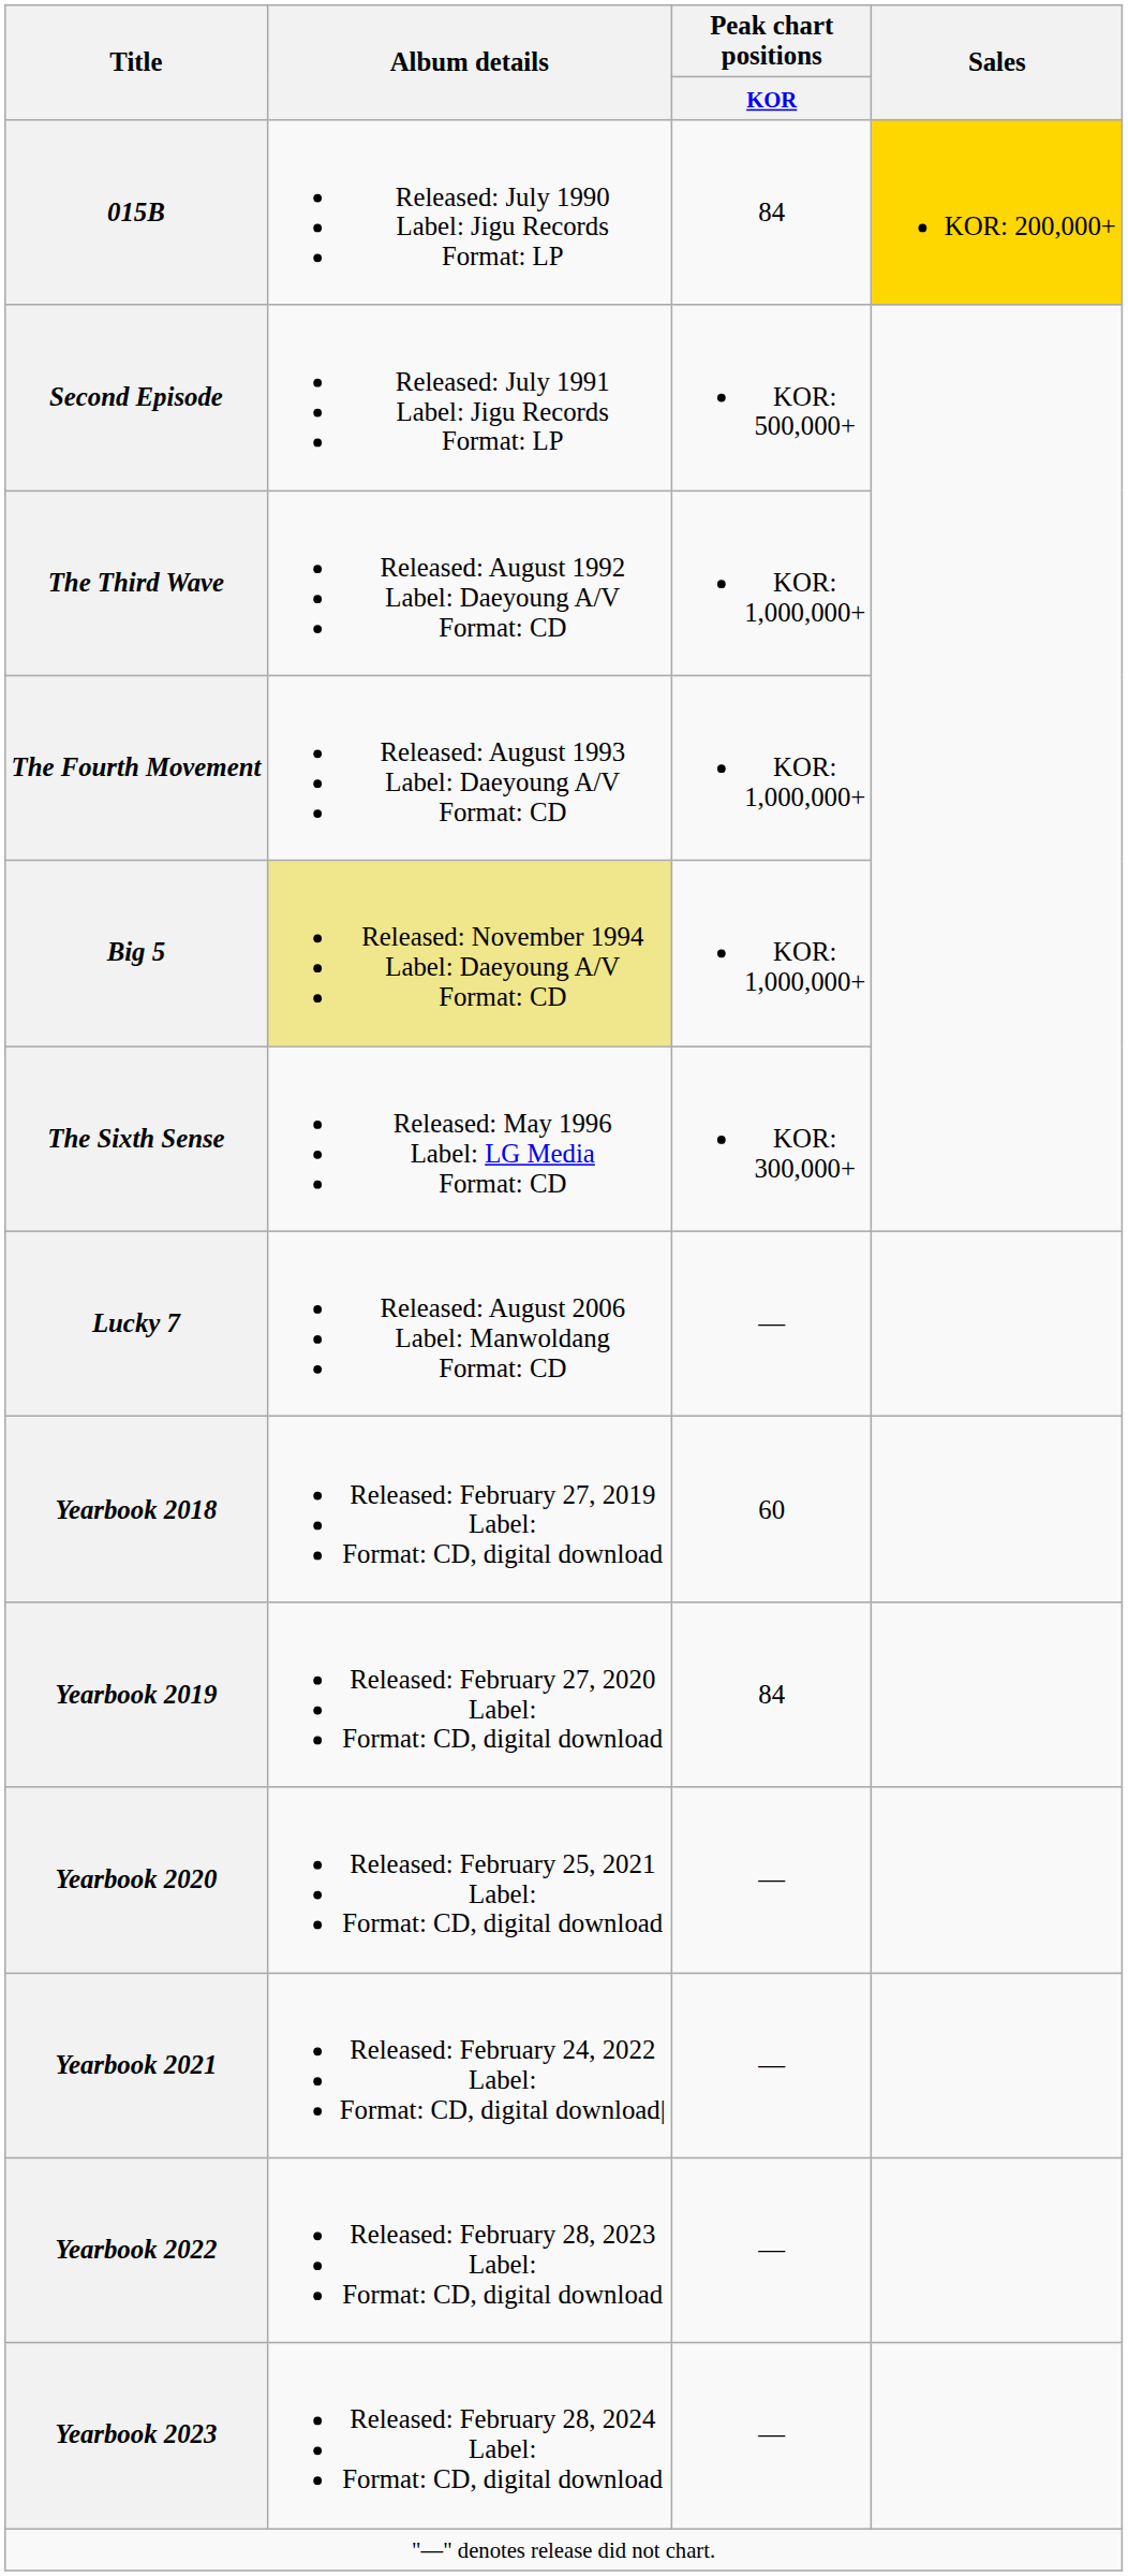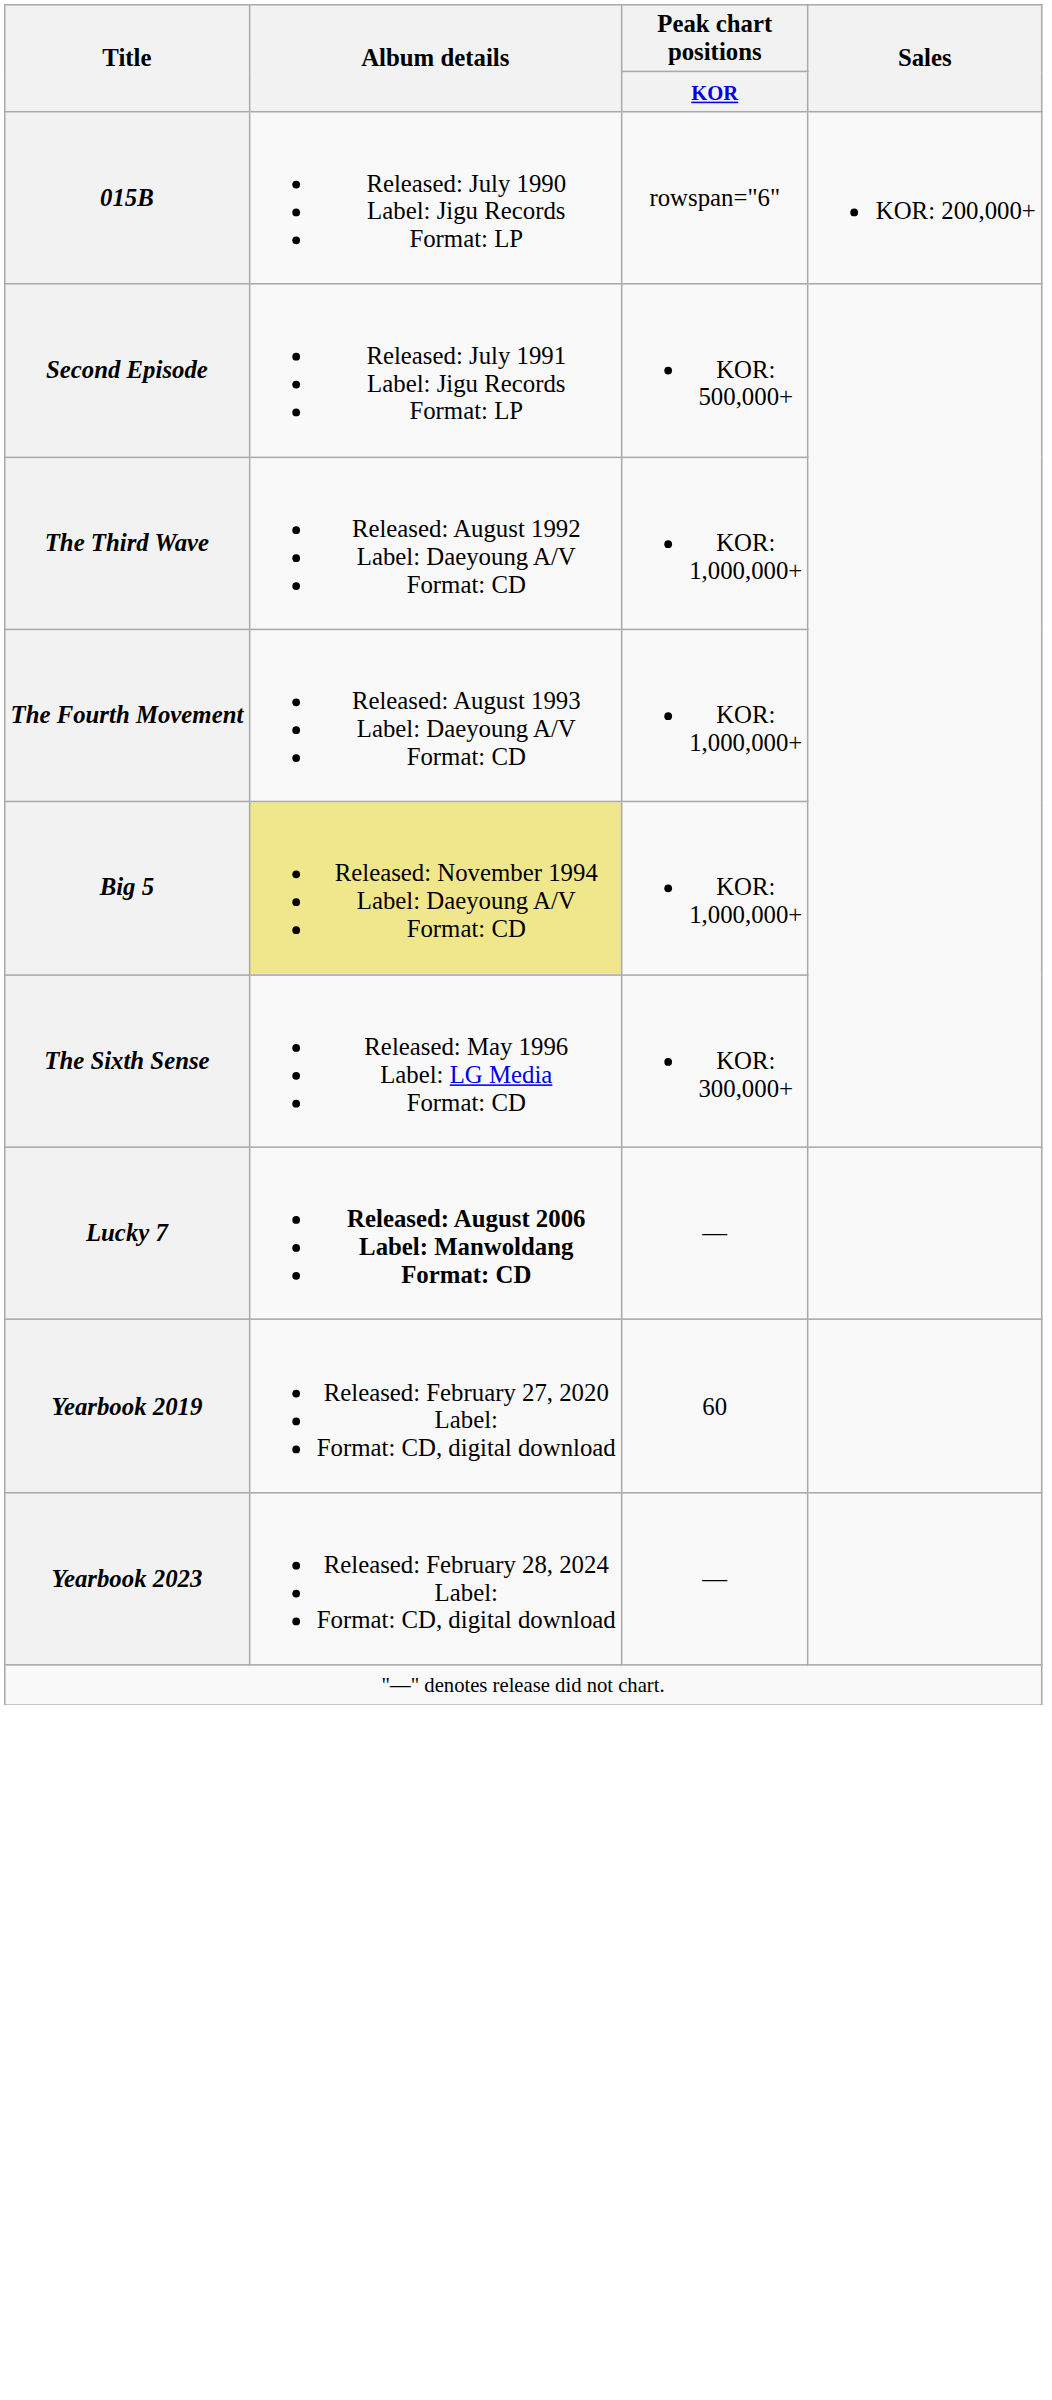 <table class="wikitable plainrowheaders" style="text-align:center;">
 <tr>
 <th rowspan="2" scope="col">Title</th>
 <th rowspan="2" scope="col">Album details</th>
 <th colspan="1" scope="col" style="width:5em;">Peak chart positions</th>
 <th rowspan="2" scope="col">Sales</th>
 </tr>
 <tr>
 <th><small><a href='#'>KOR</a></small><br></th>
 </tr>
 <tr>
 <th scope="row"><em>015B</em></th>
 <td><br><ul><li>Released: July 1990</li><li>Label: Jigu Records</li><li>Format: LP</li></ul></td>
-<td>84</td>
-<td style="background: gold;"><br><ul><li>KOR: 200,000+</li></ul></td>
+<td>rowspan="6" </td>
+<td><br><ul><li>KOR: 200,000+</li></ul></td>
 </tr>
 <tr>
 <th scope="row"><em>Second Episode</em></th>
 <td><br><ul><li>Released: July 1991</li><li>Label: Jigu Records</li><li>Format: LP</li></ul></td>
 <td><br><ul><li>KOR: 500,000+</li></ul></td>
 </tr>
 <tr>
 <th scope="row"><em>The Third Wave</em></th>
 <td><br><ul><li>Released: August 1992</li><li>Label: Daeyoung A/V</li><li>Format: CD</li></ul></td>
 <td><br><ul><li>KOR: 1,000,000+</li></ul></td>
 </tr>
 <tr>
 <th scope="row"><em>The Fourth Movement</em></th>
 <td><br><ul><li>Released: August 1993</li><li>Label: Daeyoung A/V</li><li>Format: CD</li></ul></td>
 <td><br><ul><li>KOR: 1,000,000+</li></ul></td>
 </tr>
 <tr>
 <th scope="row"><em>Big 5</em></th>
 <td style="background: khaki;"><br><ul><li>Released: November 1994</li><li>Label: Daeyoung A/V</li><li>Format: CD</li></ul></td>
 <td><br><ul><li>KOR: 1,000,000+</li></ul></td>
 </tr>
 <tr>
 <th scope="row"><em>The Sixth Sense</em></th>
 <td><br><ul><li>Released: May 1996</li><li>Label: <a href='#'>LG Media</a></li><li>Format: CD</li></ul></td>
 <td><br><ul><li>KOR: 300,000+</li></ul></td>
 </tr>
 <tr>
 <th scope="row"><em>Lucky 7</em></th>
-<td><br><ul><li>Released: August 2006</li><li>Label: Manwoldang</li><li>Format: CD</li></ul></td>
+<td><strong><br><ul><li>Released: August 2006</li><li>Label: Manwoldang</li><li>Format: CD</li></ul></strong></td>
 <td>—</td>
-<td></td>
-</tr>
-<tr>
-<th scope="row"><em>Yearbook 2018</em></th>
-<td><br><ul><li>Released: February 27, 2019</li><li>Label: </li><li>Format: CD, digital download</li></ul></td>
-<td>60</td>
 <td></td>
 </tr>
 <tr>
 <th scope="row"><em>Yearbook 2019</em></th>
 <td><br><ul><li>Released: February 27, 2020</li><li>Label: </li><li>Format: CD, digital download</li></ul></td>
-<td>84</td>
-<td></td>
-</tr>
-<tr>
-<th scope="row"><em>Yearbook 2020</em></th>
-<td><br><ul><li>Released: February 25, 2021</li><li>Label: </li><li>Format: CD, digital download</li></ul></td>
-<td>—</td>
-<td></td>
-</tr>
-<tr>
-<th scope="row"><em>Yearbook 2021</em></th>
-<td><br><ul><li>Released: February 24, 2022</li><li>Label: </li><li>Format: CD, digital download|</li></ul></td>
-<td>—</td>
-<td></td>
-</tr>
-<tr>
-<th scope="row"><em>Yearbook 2022</em></th>
-<td><br><ul><li>Released: February 28, 2023</li><li>Label: </li><li>Format: CD, digital download</li></ul></td>
-<td>—</td>
+<td>60</td>
 <td></td>
 </tr>
 <tr>
 <th scope="row"><em>Yearbook 2023</em></th>
 <td><br><ul><li>Released: February 28, 2024</li><li>Label: </li><li>Format: CD, digital download</li></ul></td>
 <td>—</td>
 <td></td>
 </tr>
 <tr>
 <td colspan="4"><small>"—" denotes release did not chart.</small></td>
 </tr>
 </table>
